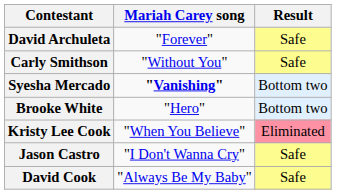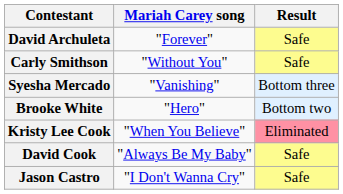 <table class="wikitable unsortable" style="text-align:center;">
 <tr>
 <th scope="col">Contestant</th>
 <th scope="col"><a href='#'>Mariah Carey</a> song</th>
 <th scope="col">Result</th>
 </tr>
 <tr>
 <th scope="row">David Archuleta</th>
 <td>"<a href='#'>Forever</a>"</td>
 <td style="background:#FDFC8F">Safe</td>
 </tr>
 <tr>
 <th scope="row">Carly Smithson</th>
 <td>"<a href='#'>Without You</a>"</td>
 <td style="background:#FDFC8F">Safe</td>
 </tr>
 <tr>
 <th scope="row">Syesha Mercado</th>
-<td><strong>"<a href='#'>Vanishing</a>"</strong></td>
-<td bgcolor="E0F0FF">Bottom two</td>
+<td>"<a href='#'>Vanishing</a>"</td>
+<td bgcolor="E0F0FF">Bottom three</td>
 </tr>
 <tr>
 <th scope="row">Brooke White</th>
 <td>"<a href='#'>Hero</a>"</td>
 <td bgcolor="E0F0FF">Bottom two</td>
 </tr>
 <tr>
 <th scope="row">Kristy Lee Cook</th>
 <td>"<a href='#'>When You Believe</a>"</td>
 <td bgcolor="FF91A4">Eliminated</td>
 </tr>
 <tr>
+<th scope="row">David Cook</th>
+<td>"<a href='#'>Always Be My Baby</a>"</td>
+<td style="background:#FDFC8F">Safe</td>
+</tr>
+<tr>
 <th scope="row">Jason Castro</th>
 <td>"<a href='#'>I Don't Wanna Cry</a>"</td>
 <td style="background:#FDFC8F">Safe</td>
 </tr>
-<tr>
-<th scope="row">David Cook</th>
-<td>"<a href='#'>Always Be My Baby</a>"</td>
-<td style="background:#FDFC8F">Safe</td>
-</tr>
 </table>
